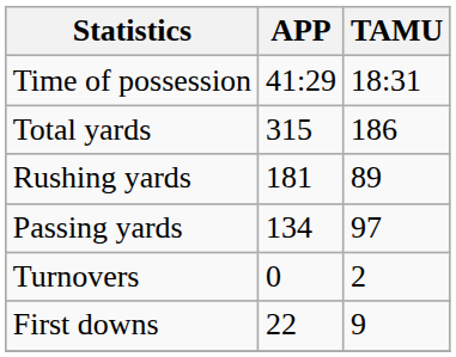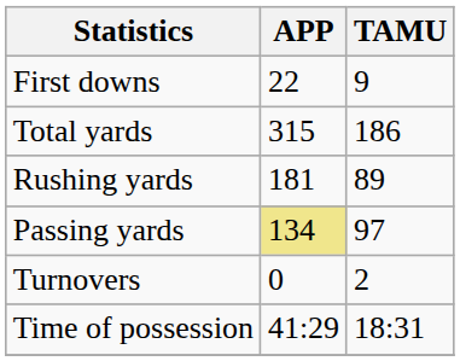 <table class="wikitable" style="float: left;">
 <tr>
 <th>Statistics</th>
 <th>APP</th>
 <th>TAMU</th>
 </tr>
 <tr>
-<td>Time of possession</td>
-<td>41:29</td>
-<td>18:31</td>
+<td>First downs</td>
+<td>22</td>
+<td>9</td>
 </tr>
 <tr>
 <td>Total yards</td>
 <td>315</td>
 <td>186</td>
 </tr>
 <tr>
 <td>Rushing yards</td>
 <td>181</td>
 <td>89</td>
 </tr>
 <tr>
 <td>Passing yards</td>
-<td>134</td>
+<td style="background: khaki;">134</td>
 <td>97</td>
 </tr>
 <tr>
 <td>Turnovers</td>
 <td>0</td>
 <td>2</td>
 </tr>
 <tr>
-<td>First downs</td>
-<td>22</td>
-<td>9</td>
+<td>Time of possession</td>
+<td>41:29</td>
+<td>18:31</td>
 </tr>
 <tr>
 </tr>
 </table>
